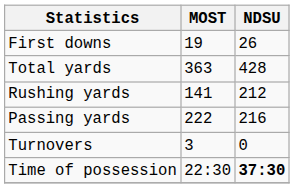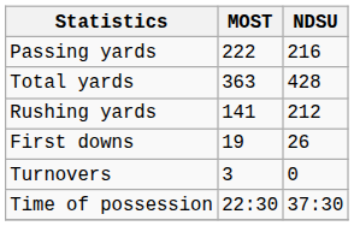 <table class="wikitable" style="float: left;">
 <tr>
 <th>Statistics</th>
 <th>MOST</th>
 <th>NDSU</th>
 </tr>
 <tr>
-<td>First downs</td>
-<td>19</td>
-<td>26</td>
+<td>Passing yards</td>
+<td>222</td>
+<td>216</td>
 </tr>
 <tr>
 <td>Total yards</td>
 <td>363</td>
 <td>428</td>
 </tr>
 <tr>
 <td>Rushing yards</td>
 <td>141</td>
 <td>212</td>
 </tr>
 <tr>
-<td>Passing yards</td>
-<td>222</td>
-<td>216</td>
+<td>First downs</td>
+<td>19</td>
+<td>26</td>
 </tr>
 <tr>
 <td>Turnovers</td>
 <td>3</td>
 <td>0</td>
 </tr>
 <tr>
 <td>Time of possession</td>
 <td>22:30</td>
-<td><strong>37:30</strong></td>
+<td>37:30</td>
 </tr>
 <tr>
 </tr>
 </table>
